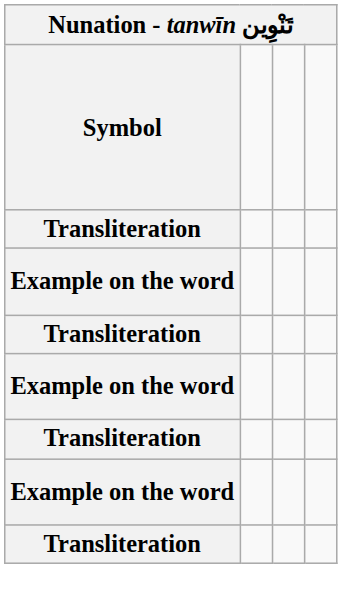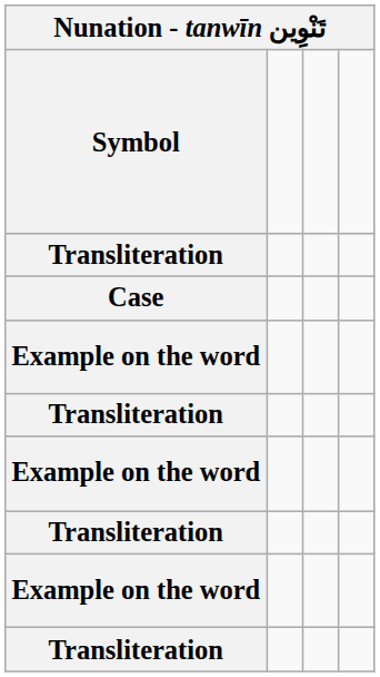 <table class="wikitable" style="align:left;">
 <tr>
 <th colspan="4">Nunation - <em>tanwīn</em> تَنْوِين</th>
 </tr>
 <tr>
 <th>Symbol</th>
 <td style="line-height:180%;padding:10px;"><br><span></span><br><br></td>
 <td style="line-height:180%;padding:10px;"><br><span></span><br><br></td>
 <td style="line-height:180%;padding:10px;"><br><span></span><br><br></td>
 </tr>
 <tr style="text-align:center;">
 <th>Transliteration</th>
+<td colspan="1"><br></td>
+<td rowspan="1"><br></td>
+<td rowspan="1"><br></td>
+</tr>
+<tr>
+<th>Case</th>
 <td colspan="1"><br></td>
 <td rowspan="1"><br></td>
 <td rowspan="1"><br></td>
 </tr>
 <tr>
 <th>Example on the word  </th>
 <td><span></span></td>
 <td><br><span></span><br></td>
 <td><br><span></span></td>
 </tr>
 <tr>
 <th>Transliteration</th>
 <td></td>
 <td></td>
 <td></td>
 </tr>
 <tr>
 <th>Example on the word  </th>
 <td><br><span></span></td>
 <td><br><span></span><br></td>
 <td><br><span></span></td>
 </tr>
 <tr>
 <th>Transliteration</th>
 <td></td>
 <td></td>
 <td></td>
 </tr>
 <tr>
 <th>Example on the word  </th>
 <td><br><span></span></td>
 <td><br><span></span><br></td>
 <td><br><span></span></td>
 </tr>
 <tr>
 <th>Transliteration</th>
 <td></td>
 <td></td>
 <td></td>
 </tr>
 </table>
